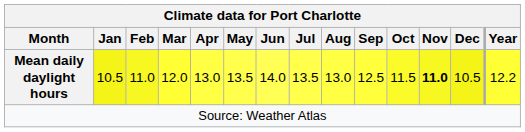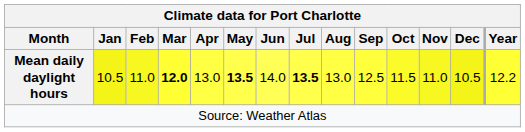 <table style="text-align:center;line-height:1.2em;" class="wikitable mw-collapsible">
 <tr>
 <th Colspan=14>Climate data for Port Charlotte</th>
 </tr>
 <tr>
 <th>Month</th>
 <th>Jan</th>
 <th>Feb</th>
 <th>Mar</th>
 <th>Apr</th>
 <th>May</th>
 <th>Jun</th>
 <th>Jul</th>
 <th>Aug</th>
 <th>Sep</th>
 <th>Oct</th>
 <th>Nov</th>
 <th>Dec</th>
 <th style="border-left-width:medium">Year</th>
 </tr>
 <tr>
 <th>Mean daily daylight hours</th>
 <td style="background:#F4F419;color:#000000;">10.5</td>
 <td style="background:#F7F722;color:#000000;">11.0</td>
-<td style="background:#FFFF33;color:#000000;">12.0</td>
+<td style="background:#FFFF33;color:#000000;"><strong>12.0</strong></td>
 <td style="background:#FFFF44;color:#000000;">13.0</td>
-<td style="background:#FFFF4C;color:#000000;">13.5</td>
+<td style="background:#FFFF4C;color:#000000;"><strong>13.5</strong></td>
 <td style="background:#FFFF55;color:#000000;">14.0</td>
-<td style="background:#FFFF4C;color:#000000;">13.5</td>
+<td style="background:#FFFF4C;color:#000000;"><strong>13.5</strong></td>
 <td style="background:#FFFF44;color:#000000;">13.0</td>
 <td style="background:#FFFF3B;color:#000000;">12.5</td>
 <td style="background:#FBFB2A;color:#000000;">11.5</td>
-<td style="background:#F7F722;color:#000000;"><strong>11.0</strong></td>
+<td style="background:#F7F722;color:#000000;">11.0</td>
 <td style="background:#F4F419;color:#000000;">10.5</td>
 <td style="background:#FFFF35;color:#000000;border-left-width:medium">12.2</td>
 </tr>
 <tr>
 <th Colspan=14 style="background:#f8f9fa;font-weight:normal;font-size:95%;">Source: Weather Atlas </th>
 </tr>
 </table>
